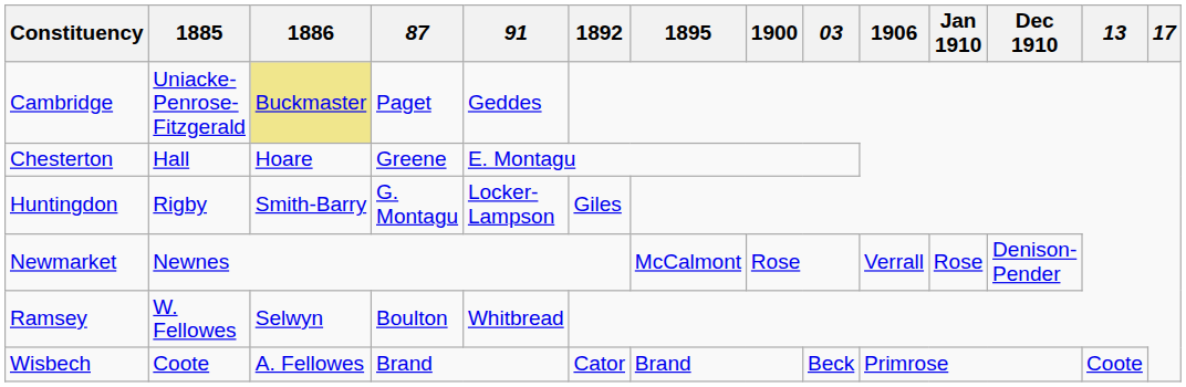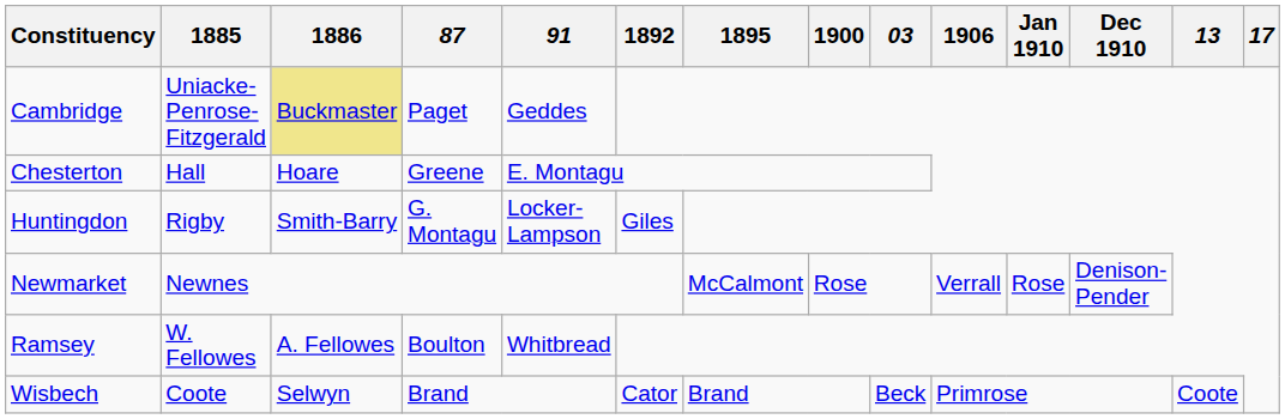 <table class="wikitable">
 <tr>
 <th>Constituency</th>
 <th>1885</th>
 <th>1886</th>
 <th><em>87</em></th>
 <th><em>91</em></th>
 <th>1892</th>
 <th>1895</th>
 <th>1900</th>
 <th><em>03</em></th>
 <th>1906</th>
 <th>Jan 1910</th>
 <th>Dec 1910</th>
 <th><em>13</em></th>
 <th><em>17</em></th>
 </tr>
 <tr>
 <td><a href='#'>Cambridge</a></td>
 <td><a href='#'>Uniacke-Penrose-Fitzgerald</a></td>
 <td style="background: khaki;"><a href='#'>Buckmaster</a></td>
 <td><a href='#'>Paget</a></td>
 <td><a href='#'>Geddes</a></td>
 </tr>
 <tr>
 <td><a href='#'>Chesterton</a></td>
 <td><a href='#'>Hall</a></td>
 <td><a href='#'>Hoare</a></td>
 <td><a href='#'>Greene</a></td>
 <td colspan="5"><a href='#'>E. Montagu</a></td>
 </tr>
 <tr>
 <td><a href='#'>Huntingdon</a></td>
 <td bgcolor=><a href='#'>Rigby</a></td>
 <td><a href='#'>Smith-Barry</a></td>
 <td><a href='#'>G. Montagu</a></td>
 <td><a href='#'>Locker-Lampson</a></td>
 <td><a href='#'>Giles</a></td>
 </tr>
 <tr>
 <td><a href='#'>Newmarket</a></td>
 <td colspan="5"><a href='#'>Newnes</a></td>
 <td><a href='#'>McCalmont</a></td>
 <td colspan="2"><a href='#'>Rose</a></td>
 <td><a href='#'>Verrall</a></td>
 <td><a href='#'>Rose</a></td>
 <td><a href='#'>Denison-Pender</a></td>
 </tr>
 <tr>
 <td><a href='#'>Ramsey</a></td>
 <td><a href='#'>W. Fellowes</a></td>
-<td><a href='#'>Selwyn</a></td>
+<td><a href='#'>A. Fellowes</a></td>
 <td><a href='#'>Boulton</a></td>
 <td><a href='#'>Whitbread</a></td>
 </tr>
 <tr>
 <td><a href='#'>Wisbech</a></td>
 <td><a href='#'>Coote</a></td>
-<td><a href='#'>A. Fellowes</a></td>
+<td><a href='#'>Selwyn</a></td>
 <td colspan="2"><a href='#'>Brand</a></td>
 <td><a href='#'>Cator</a></td>
 <td colspan="2"><a href='#'>Brand</a></td>
 <td bgcolor=><a href='#'>Beck</a></td>
 <td colspan="3"><a href='#'>Primrose</a></td>
 <td><a href='#'>Coote</a></td>
 </tr>
 </table>
